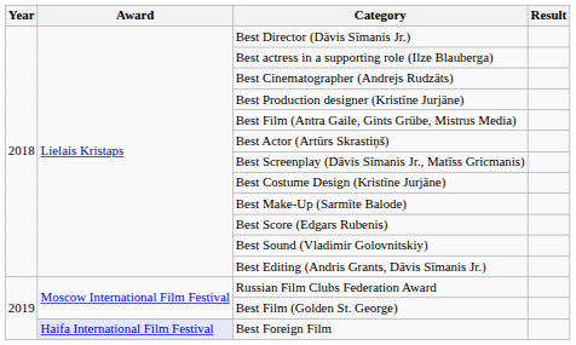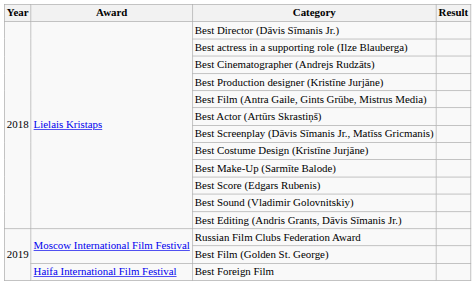 <table class="wikitable">
 <tr>
 <th>Year</th>
 <th>Award</th>
 <th>Category</th>
 <th>Result</th>
 </tr>
 <tr>
 <td rowspan="12">2018</td>
 <td rowspan="12"><a href='#'>Lielais Kristaps</a></td>
 <td>Best Director (Dāvis Sīmanis Jr.)</td>
 <td></td>
 </tr>
 <tr>
 <td>Best actress in a supporting role (Ilze Blauberga)</td>
 <td></td>
 </tr>
 <tr>
 <td>Best Cinematographer (Andrejs Rudzāts)</td>
 <td></td>
 </tr>
 <tr>
 <td>Best Production designer (Kristīne Jurjāne)</td>
 <td></td>
 </tr>
 <tr>
 <td>Best Film (Antra Gaile, Gints Grūbe, Mistrus Media)</td>
 <td></td>
 </tr>
 <tr>
 <td>Best Actor (Artūrs Skrastiņš)</td>
 <td></td>
 </tr>
 <tr>
 <td>Best Screenplay (Dāvis Sīmanis Jr., Matīss Gricmanis)</td>
 <td></td>
 </tr>
 <tr>
 <td>Best Costume Design (Kristīne Jurjāne)</td>
 <td></td>
 </tr>
 <tr>
 <td>Best Make-Up (Sarmīte Balode)</td>
 <td></td>
 </tr>
 <tr>
 <td>Best Score (Edgars Rubenis)</td>
 <td></td>
 </tr>
 <tr>
 <td>Best Sound (Vladimir Golovnitskiy)</td>
 <td></td>
 </tr>
 <tr>
 <td>Best Editing (Andris Grants, Dāvis Sīmanis Jr.)</td>
 <td></td>
 </tr>
 <tr>
 <td rowspan="3">2019</td>
 <td rowspan="2"><a href='#'>Moscow International Film Festival</a></td>
 <td>Russian Film Clubs Federation Award</td>
 <td></td>
 </tr>
 <tr>
 <td>Best Film (Golden St. George)</td>
 <td></td>
 </tr>
 <tr>
-<td style="background: lavender;"><a href='#'>Haifa International Film Festival</a></td>
+<td><a href='#'>Haifa International Film Festival</a></td>
 <td>Best Foreign Film</td>
 <td></td>
 </tr>
 </table>
